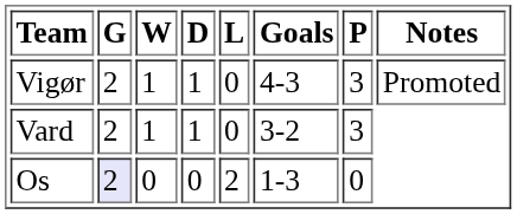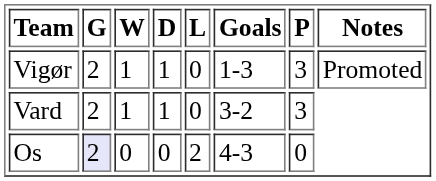 <table border="1" cellpadding="2">
 <tr>
 <th>Team</th>
 <th>G</th>
 <th>W</th>
 <th>D</th>
 <th>L</th>
 <th>Goals</th>
 <th>P</th>
 <th>Notes</th>
 </tr>
 <tr>
 <td>Vigør</td>
 <td>2</td>
 <td>1</td>
 <td>1</td>
 <td>0</td>
-<td>4-3</td>
+<td>1-3</td>
 <td>3</td>
 <td>Promoted</td>
 </tr>
 <tr>
 <td>Vard</td>
 <td>2</td>
 <td>1</td>
 <td>1</td>
 <td>0</td>
 <td>3-2</td>
 <td>3</td>
 </tr>
 <tr>
 <td>Os</td>
 <td style="background: lavender;">2</td>
 <td>0</td>
 <td>0</td>
 <td>2</td>
-<td>1-3</td>
+<td>4-3</td>
 <td>0</td>
 </tr>
 </table>
